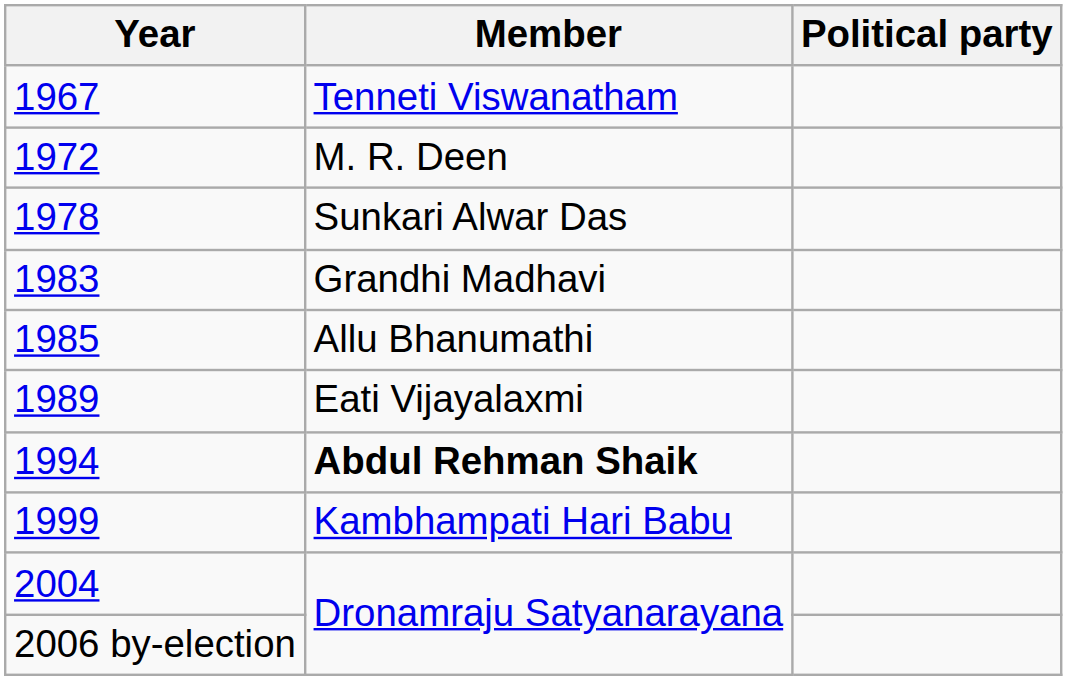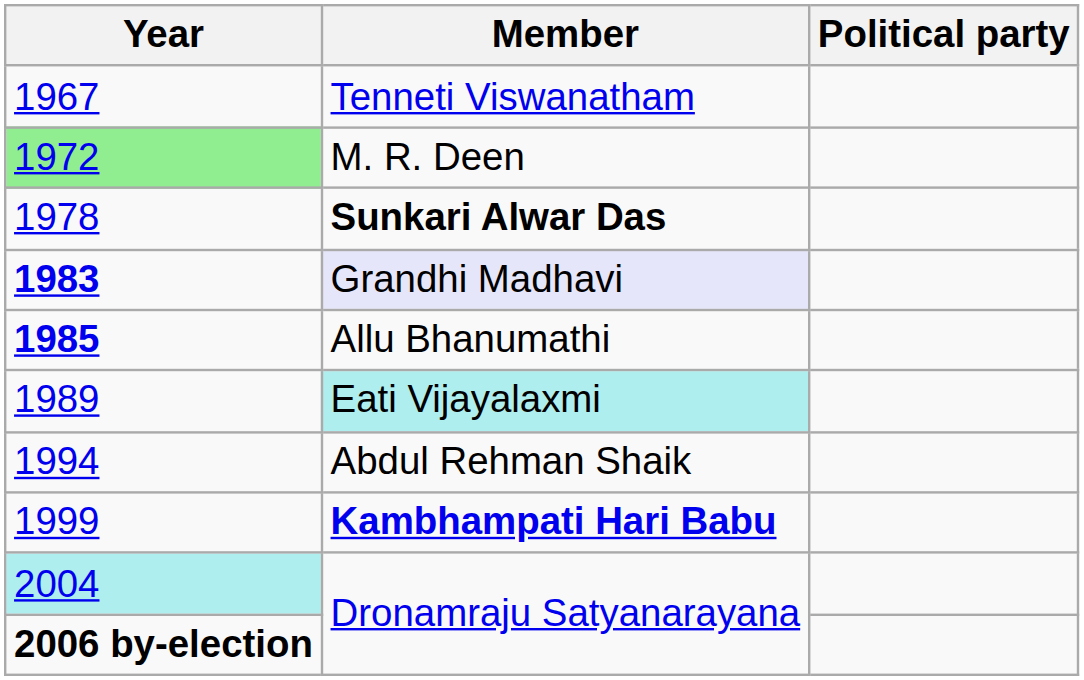 <table class="wikitable">
 <tr>
 <th>Year</th>
 <th>Member</th>
 <th colspan="2">Political party</th>
 </tr>
 <tr>
 <td><a href='#'>1967</a></td>
 <td><a href='#'>Tenneti Viswanatham</a></td>
 <td></td>
 </tr>
 <tr>
-<td><a href='#'>1972</a></td>
+<td style="background: lightgreen;"><a href='#'>1972</a></td>
 <td>M. R. Deen</td>
 <td></td>
 </tr>
 <tr>
 <td><a href='#'>1978</a></td>
-<td>Sunkari Alwar Das</td>
+<td><strong>Sunkari Alwar Das</strong></td>
 </tr>
 <tr>
-<td><a href='#'>1983</a></td>
-<td>Grandhi Madhavi</td>
+<td><strong><a href='#'>1983</a></strong></td>
+<td style="background: lavender;">Grandhi Madhavi</td>
 <td></td>
 </tr>
 <tr>
-<td><a href='#'>1985</a></td>
+<td><strong><a href='#'>1985</a></strong></td>
 <td>Allu Bhanumathi</td>
 </tr>
 <tr>
 <td><a href='#'>1989</a></td>
-<td>Eati Vijayalaxmi</td>
+<td style="background: paleturquoise;">Eati Vijayalaxmi</td>
 <td></td>
 </tr>
 <tr>
 <td><a href='#'>1994</a></td>
-<td><strong>Abdul Rehman Shaik</strong></td>
+<td>Abdul Rehman Shaik</td>
 <td></td>
 </tr>
 <tr>
 <td><a href='#'>1999</a></td>
-<td><a href='#'>Kambhampati Hari Babu</a></td>
+<td><strong><a href='#'>Kambhampati Hari Babu</a></strong></td>
 <td></td>
 </tr>
 <tr>
-<td><a href='#'>2004</a></td>
+<td style="background: paleturquoise;"><a href='#'>2004</a></td>
 <td rowspan=2><a href='#'>Dronamraju Satyanarayana</a></td>
 <td></td>
 </tr>
 <tr>
-<td>2006 by-election</td>
+<td><strong>2006 by-election</strong></td>
 </tr>
 </table>
